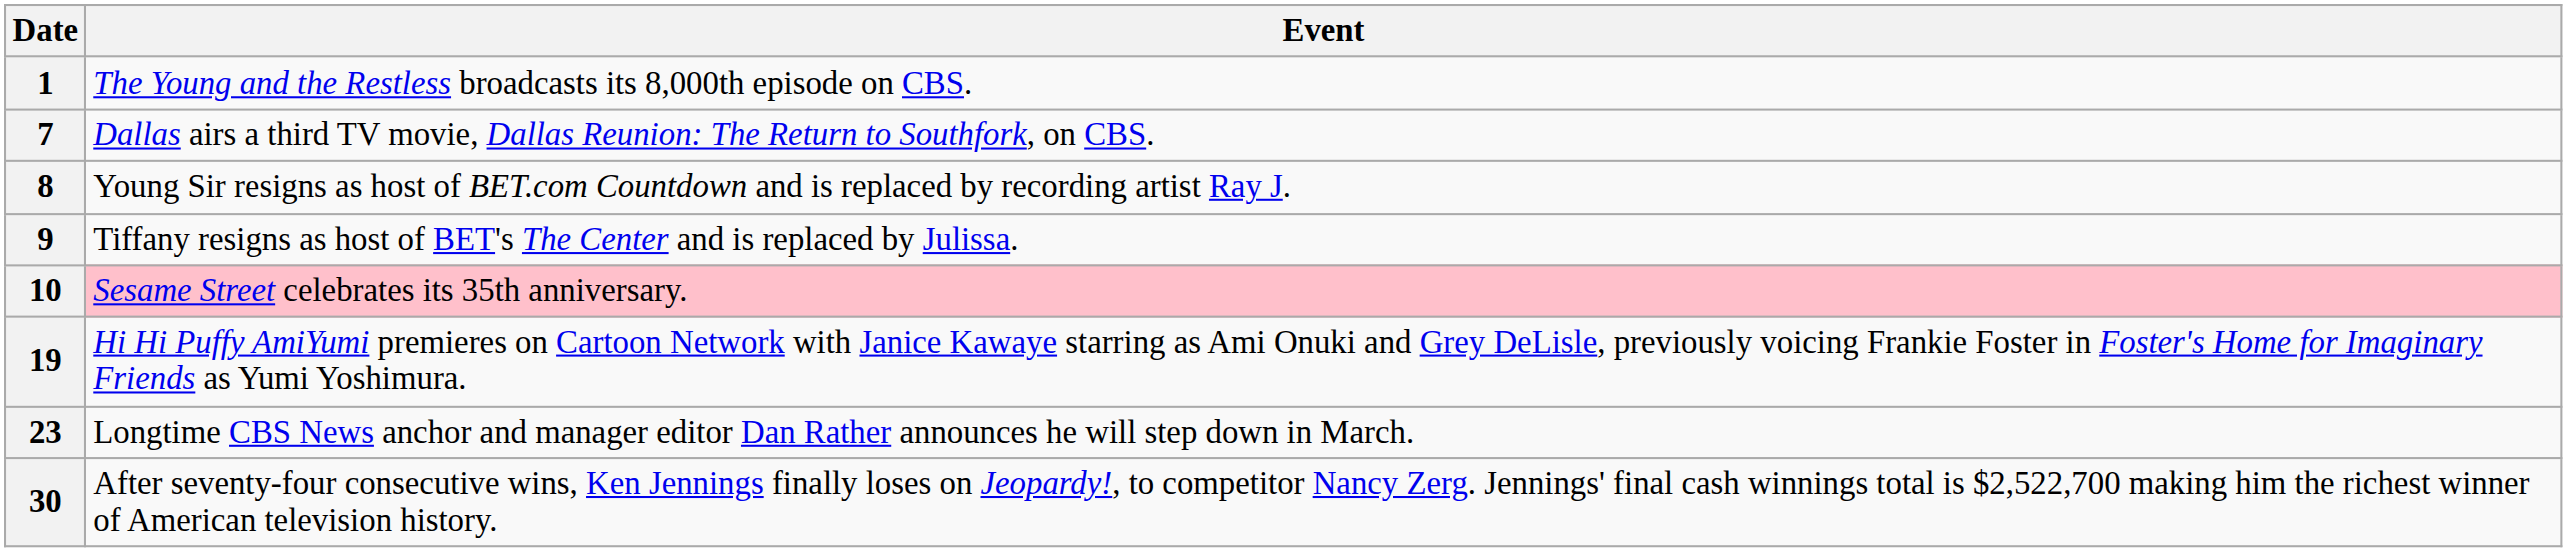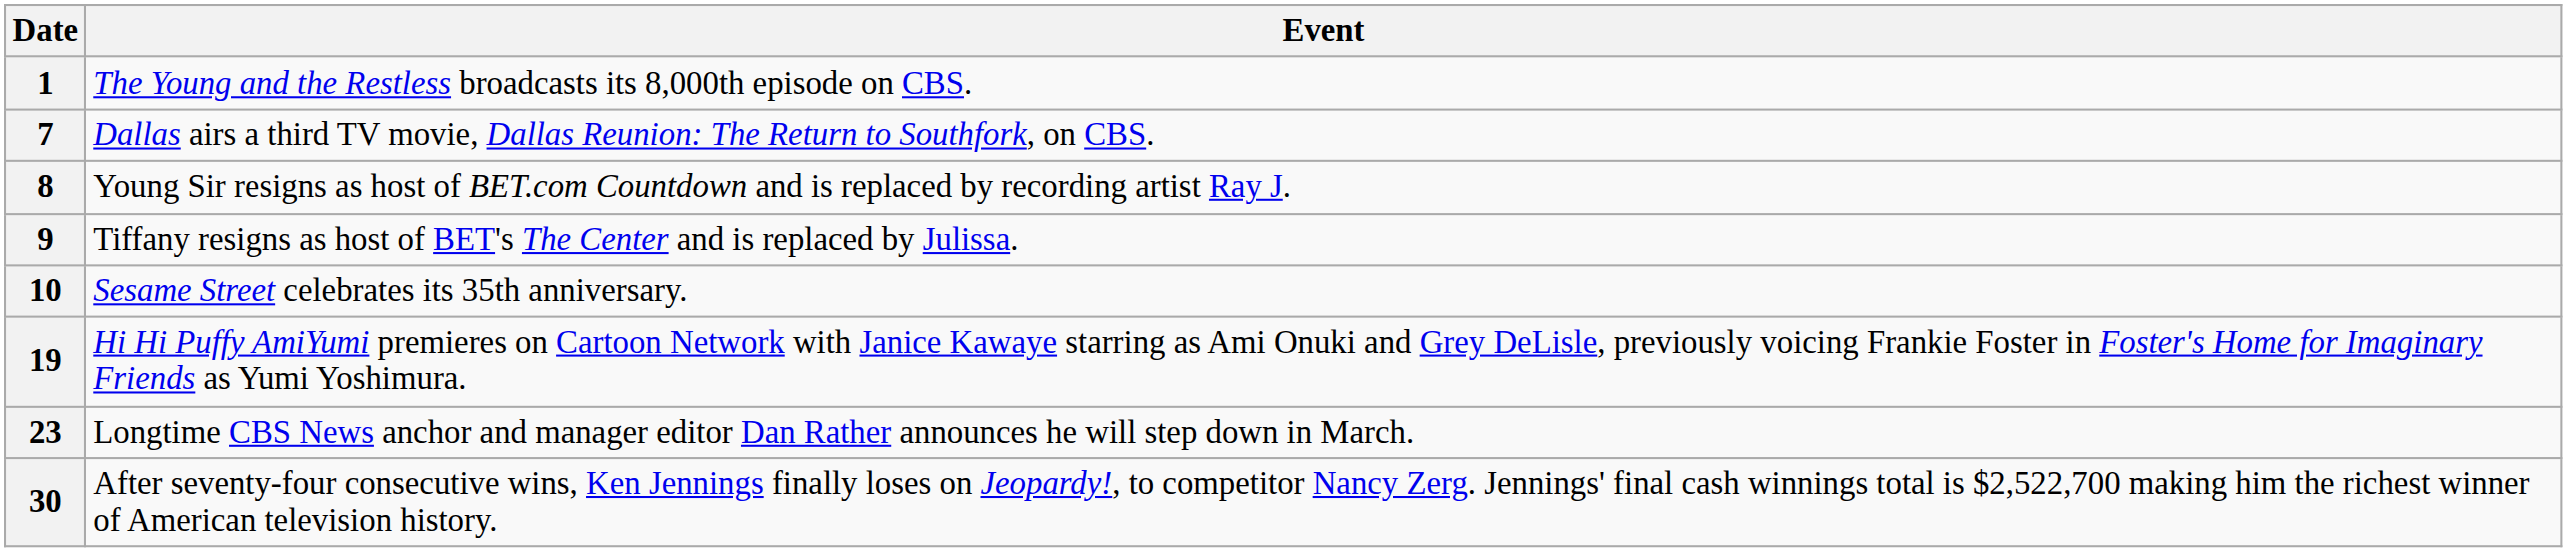 <table class="wikitable">
 <tr>
 <th>Date</th>
 <th>Event</th>
 </tr>
 <tr>
 <th>1</th>
 <td><em><a href='#'>The Young and the Restless</a></em> broadcasts its 8,000th episode on <a href='#'>CBS</a>.</td>
 </tr>
 <tr>
 <th>7</th>
 <td><em><a href='#'>Dallas</a></em> airs a third TV movie, <em><a href='#'>Dallas Reunion: The Return to Southfork</a></em>, on <a href='#'>CBS</a>.</td>
 </tr>
 <tr>
 <th>8</th>
 <td>Young Sir resigns as host of <em>BET.com Countdown</em> and is replaced by recording artist <a href='#'>Ray J</a>.</td>
 </tr>
 <tr>
 <th>9</th>
 <td>Tiffany resigns as host of <a href='#'>BET</a>'s <em><a href='#'>The Center</a></em> and is replaced by <a href='#'>Julissa</a>.</td>
 </tr>
 <tr>
 <th>10</th>
-<td style="background: pink;"><em><a href='#'>Sesame Street</a></em> celebrates its 35th anniversary.</td>
+<td><em><a href='#'>Sesame Street</a></em> celebrates its 35th anniversary.</td>
 </tr>
 <tr>
 <th>19</th>
 <td><em><a href='#'>Hi Hi Puffy AmiYumi</a></em> premieres on <a href='#'>Cartoon Network</a> with <a href='#'>Janice Kawaye</a> starring as Ami Onuki and <a href='#'>Grey DeLisle</a>, previously voicing Frankie Foster in <em><a href='#'>Foster's Home for Imaginary Friends</a></em> as Yumi Yoshimura.</td>
 </tr>
 <tr>
 <th>23</th>
 <td>Longtime <a href='#'>CBS News</a> anchor and manager editor <a href='#'>Dan Rather</a> announces he will step down in March.</td>
 </tr>
 <tr>
 <th>30</th>
 <td>After seventy-four consecutive wins, <a href='#'>Ken Jennings</a> finally loses on <em><a href='#'>Jeopardy!</a></em>, to competitor <a href='#'>Nancy Zerg</a>. Jennings' final cash winnings total is $2,522,700 making him the richest winner of American television history.</td>
 </tr>
 </table>
